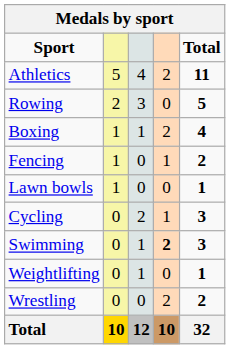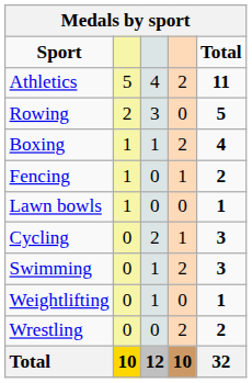 <table class="wikitable" style="text-align:center;font-size:90%">
 <tr style="background:#efefef;">
 <th colspan=7><strong>Medals by sport</strong></th>
 </tr>
 <tr>
 <td><strong>Sport</strong></td>
 <td bgcolor=#f7f6a8></td>
 <td bgcolor=#dce5e5></td>
 <td bgcolor=#ffdab9></td>
 <td><strong>Total</strong></td>
 </tr>
 <tr>
 <td style="text-align:left;"><a href='#'>Athletics</a></td>
 <td style="background:#F7F6A8;">5</td>
 <td style="background:#DCE5E5;">4</td>
 <td style="background:#FFDAB9;">2</td>
 <td><strong>11</strong></td>
 </tr>
 <tr>
 <td style="text-align:left;"><a href='#'>Rowing</a></td>
 <td style="background:#F7F6A8;">2</td>
 <td style="background:#DCE5E5;">3</td>
 <td style="background:#FFDAB9;">0</td>
 <td><strong>5</strong></td>
 </tr>
 <tr>
 <td style="text-align:left;"><a href='#'>Boxing</a></td>
 <td style="background:#F7F6A8;">1</td>
 <td style="background:#DCE5E5;">1</td>
 <td style="background:#FFDAB9;">2</td>
 <td><strong>4</strong></td>
 </tr>
 <tr>
 <td style="text-align:left;"><a href='#'>Fencing</a></td>
 <td style="background:#F7F6A8;">1</td>
 <td style="background:#DCE5E5;">0</td>
 <td style="background:#FFDAB9;">1</td>
 <td><strong>2</strong></td>
 </tr>
 <tr>
 <td style="text-align:left;"><a href='#'>Lawn bowls</a></td>
 <td style="background:#F7F6A8;">1</td>
 <td style="background:#DCE5E5;">0</td>
 <td style="background:#FFDAB9;">0</td>
 <td><strong>1</strong></td>
 </tr>
 <tr>
 <td style="text-align:left;"><a href='#'>Cycling</a></td>
 <td style="background:#F7F6A8;">0</td>
 <td style="background:#DCE5E5;">2</td>
 <td style="background:#FFDAB9;">1</td>
 <td><strong>3</strong></td>
 </tr>
 <tr>
 <td style="text-align:left;"><a href='#'>Swimming</a></td>
 <td style="background:#F7F6A8;">0</td>
 <td style="background:#DCE5E5;">1</td>
-<td style="background:#FFDAB9;"><strong>2</strong></td>
+<td style="background:#FFDAB9;">2</td>
 <td><strong>3</strong></td>
 </tr>
 <tr>
 <td style="text-align:left;"><a href='#'>Weightlifting</a></td>
 <td style="background:#F7F6A8;">0</td>
 <td style="background:#DCE5E5;">1</td>
 <td style="background:#FFDAB9;">0</td>
 <td><strong>1</strong></td>
 </tr>
 <tr>
 <td style="text-align:left;"><a href='#'>Wrestling</a></td>
 <td style="background:#F7F6A8;">0</td>
 <td style="background:#DCE5E5;">0</td>
 <td style="background:#FFDAB9;">2</td>
 <td><strong>2</strong></td>
 </tr>
 <tr>
 <th style="text-align:left;"><strong>Total</strong></th>
 <th style="background:gold;"><strong>10</strong></th>
 <th style="background:silver;"><strong>12</strong></th>
 <th style="background:#c96;"><strong>10</strong></th>
 <th><strong>32</strong></th>
 </tr>
 </table>
